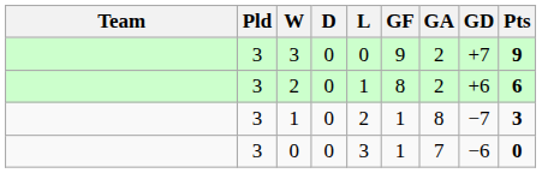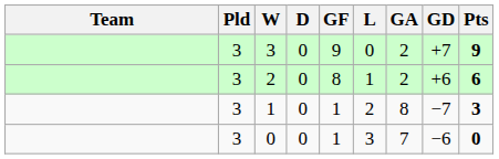 <table class="wikitable" style="text-align:center;">
 <tr>
 <th width=175>Team</th>
 <th width=20 abbr="Played">Pld</th>
 <th width=20 abbr="Won">W</th>
 <th width=20 abbr="Drawn">D</th>
+<th width=20 abbr="Goals for">GF</th>
 <th width=20 abbr="Lost">L</th>
-<th width=20 abbr="Goals for">GF</th>
 <th width=20 abbr="Goals against">GA</th>
 <th width=20 abbr="Goal difference">GD</th>
 <th width=20 abbr="Points">Pts</th>
 </tr>
 <tr ---- align="center" bgcolor="ccffcc">
 <td align="left"></td>
 <td>3</td>
 <td>3</td>
 <td>0</td>
+<td>9</td>
 <td>0</td>
-<td>9</td>
 <td>2</td>
 <td>+7</td>
 <td><strong>9</strong></td>
 </tr>
 <tr ---- align="center" bgcolor="ccffcc">
 <td align="left"></td>
 <td>3</td>
 <td>2</td>
 <td>0</td>
+<td>8</td>
 <td>1</td>
-<td>8</td>
 <td>2</td>
 <td>+6</td>
 <td><strong>6</strong></td>
 </tr>
 <tr ---- align="center">
 <td align="left"></td>
 <td>3</td>
 <td>1</td>
 <td>0</td>
+<td>1</td>
 <td>2</td>
-<td>1</td>
 <td>8</td>
 <td>−7</td>
 <td><strong>3</strong></td>
 </tr>
 <tr ---- align="center">
 <td align="left"></td>
 <td>3</td>
 <td>0</td>
 <td>0</td>
+<td>1</td>
 <td>3</td>
-<td>1</td>
 <td>7</td>
 <td>−6</td>
 <td><strong>0</strong></td>
 </tr>
 </table>
